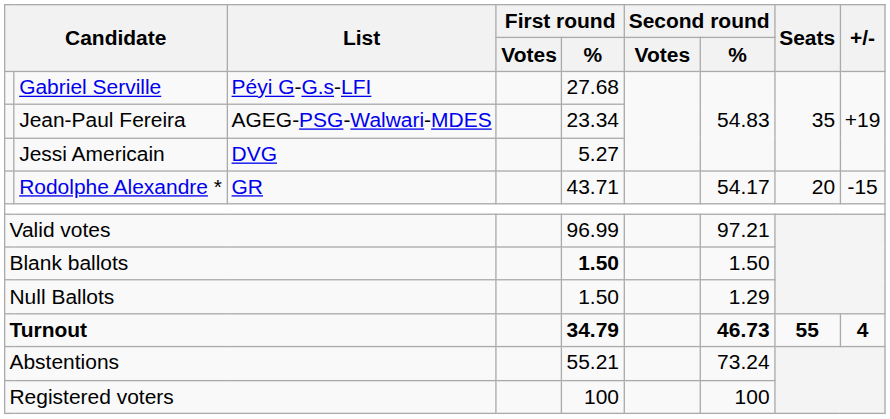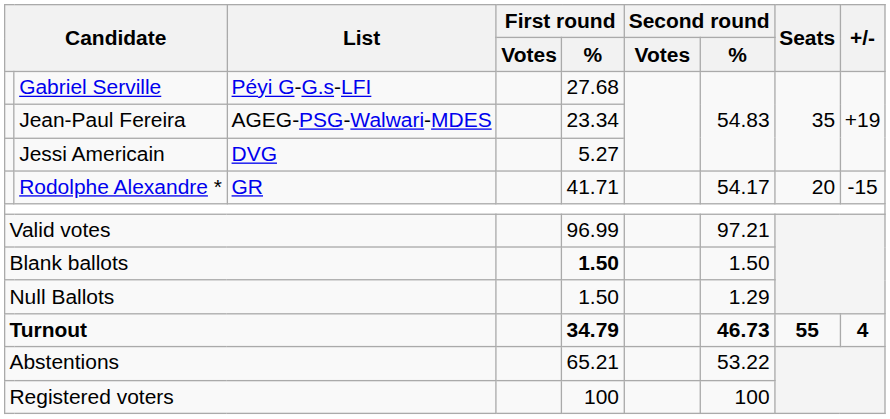 <table class="wikitable centre" style="text-align:right;">
 <tr>
 <th rowspan=2 colspan=2 scope=col>Candidate</th>
 <th rowspan=2 scope=col>List</th>
 <th colspan=2 scope=col>First round</th>
 <th colspan=2 scope=col>Second round</th>
 <th rowspan=2 scope=col>Seats</th>
 <th rowspan=2 scope=col>+/-</th>
 </tr>
 <tr>
 <th scope=col>Votes</th>
 <th scope=col>%</th>
 <th scope=col>Votes</th>
 <th scope=col>%</th>
 </tr>
 <tr>
 <td style="color:inherit;background:"></td>
 <td align="left"><a href='#'>Gabriel Serville</a></td>
 <td align="left"><a href='#'>Péyi G</a>-<a href='#'>G.s</a>-<a href='#'>LFI</a></td>
 <td></td>
 <td>27.68</td>
 <td rowspan="3"></td>
 <td rowspan="3">54.83</td>
 <td rowspan="3">35</td>
 <td rowspan="3" align="center">+19</td>
 </tr>
 <tr>
 <td style="color:inherit;background:"></td>
 <td align="left">Jean-Paul Fereira</td>
 <td align="left">AGEG-<a href='#'>PSG</a>-<a href='#'>Walwari</a>-<a href='#'>MDES</a></td>
 <td></td>
 <td>23.34</td>
 </tr>
 <tr>
 <td style="color:inherit;background:"></td>
 <td align="left">Jessi Americain</td>
 <td align="left"><a href='#'>DVG</a></td>
 <td></td>
 <td>5.27</td>
 </tr>
 <tr>
 <td style="color:inherit;background:"></td>
 <td align="left"><a href='#'>Rodolphe Alexandre</a> *</td>
 <td align="left"><a href='#'>GR</a></td>
 <td></td>
-<td>43.71</td>
+<td>41.71</td>
 <td></td>
 <td>54.17</td>
 <td>20</td>
 <td align="center">-15</td>
 </tr>
 <tr style="background:white;">
 <td colspan=9></td>
 </tr>
 <tr>
 <td colspan=3 style="text-align:left;">Valid votes</td>
 <td></td>
 <td>96.99</td>
 <td></td>
 <td>97.21</td>
 <td colspan="2" rowspan="3" bgcolor=#F4F4F4></td>
 </tr>
 <tr>
 <td colspan=3 style="text-align:left;">Blank ballots</td>
 <td></td>
 <td><strong>1.50</strong></td>
 <td></td>
 <td>1.50</td>
 </tr>
 <tr>
 <td colspan=3 style="text-align:left;">Null Ballots</td>
 <td></td>
 <td>1.50</td>
 <td></td>
 <td>1.29</td>
 </tr>
 <tr style="font-weight:bold;">
 <td colspan=3 style="text-align:left;">Turnout</td>
 <td></td>
 <td>34.79</td>
 <td></td>
 <td>46.73</td>
 <td align=center>55</td>
 <td align=center> 4</td>
 </tr>
 <tr>
 <td colspan=3 style="text-align:left;">Abstentions</td>
 <td></td>
-<td>55.21</td>
+<td>65.21</td>
 <td></td>
-<td>73.24</td>
+<td>53.22</td>
 <td colspan="2" rowspan="2" bgcolor=#F4F4F4></td>
 </tr>
 <tr>
 <td colspan=3 style="text-align:left;">Registered voters</td>
 <td></td>
 <td>100</td>
 <td></td>
 <td>100</td>
 </tr>
 </table>
